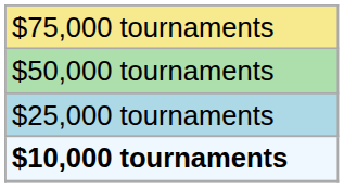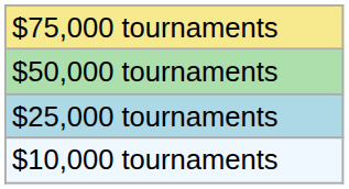 <table class="wikitable" style="font-size:85%;" width=13%>
 <tr bgcolor="#F7E98E">
 <td>$75,000 tournaments</td>
 </tr>
 <tr bgcolor="#ADDFAD">
 <td>$50,000 tournaments</td>
 </tr>
 <tr bgcolor="lightblue">
 <td>$25,000 tournaments</td>
 </tr>
 <tr bgcolor="#f0f8ff">
-<td><strong>$10,000 tournaments</strong></td>
+<td>$10,000 tournaments</td>
 </tr>
 </table>
